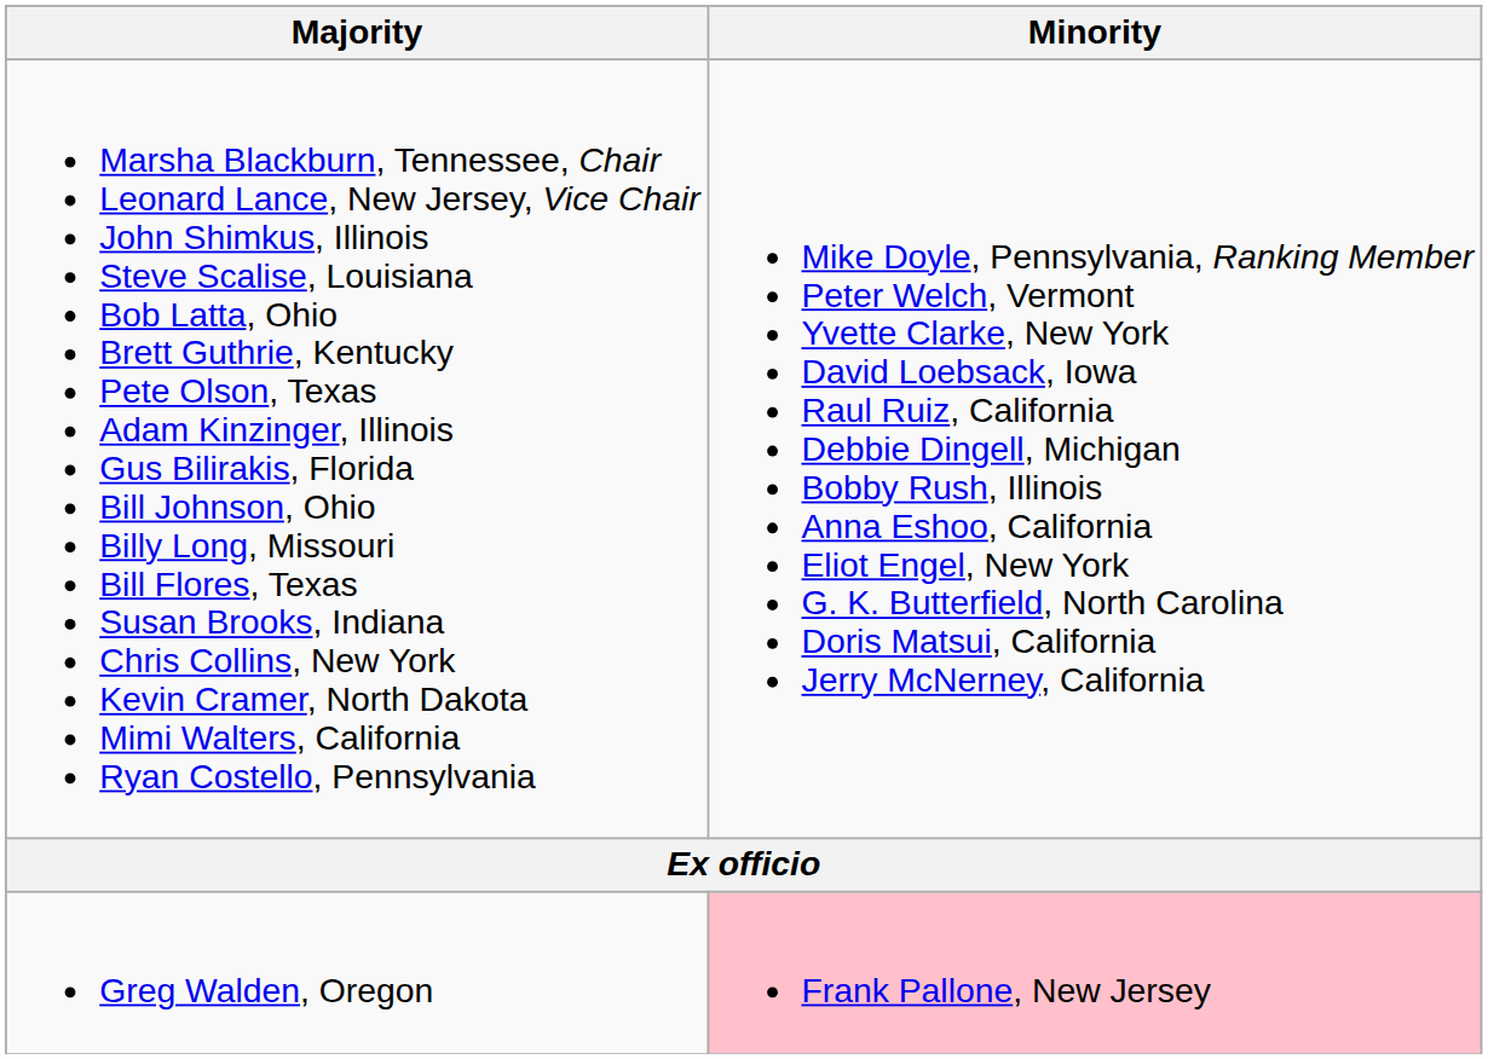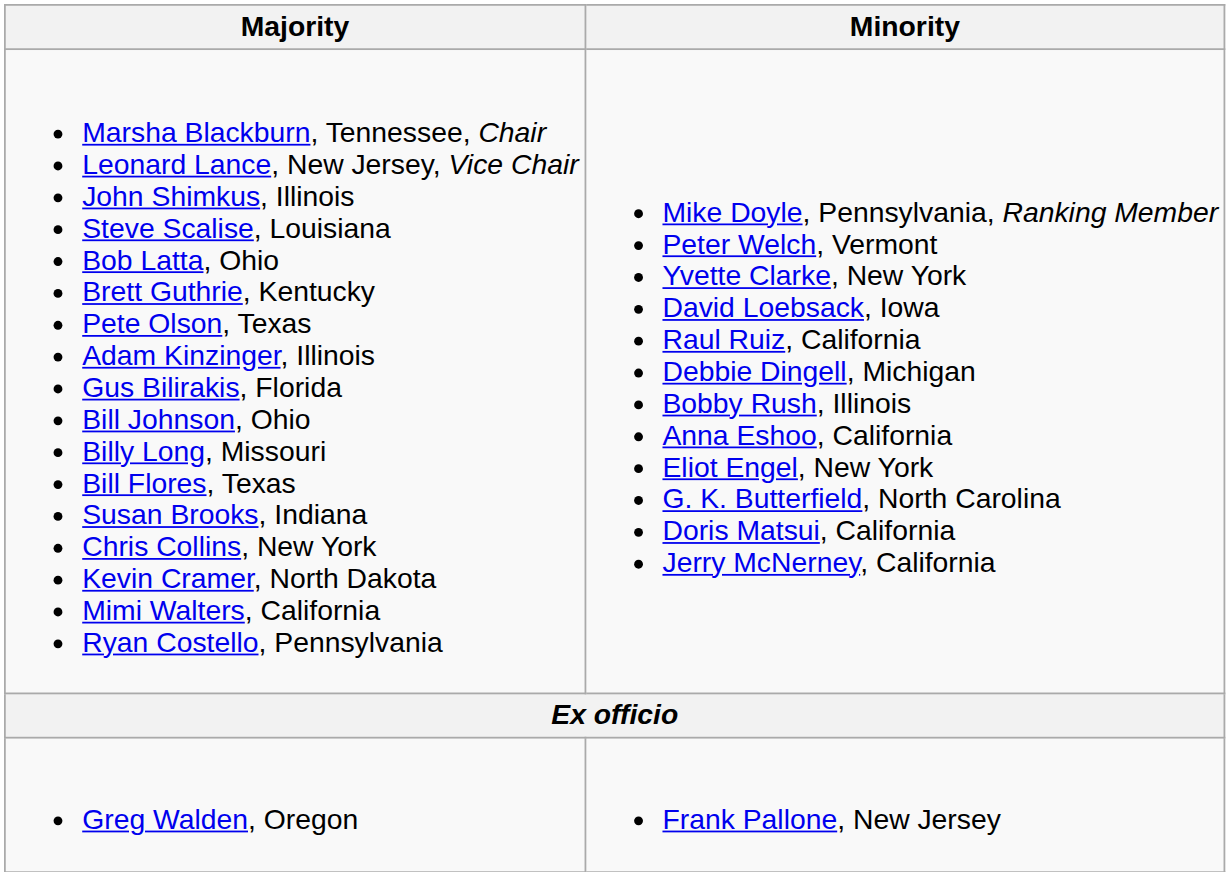 <table class=wikitable>
 <tr>
 <th>Majority</th>
 <th>Minority</th>
 </tr>
 <tr>
 <td><br><ul><li><a href='#'>Marsha Blackburn</a>, Tennessee, <em>Chair</em></li><li><a href='#'>Leonard Lance</a>, New Jersey, <em>Vice Chair</em></li><li><a href='#'>John Shimkus</a>, Illinois</li><li><a href='#'>Steve Scalise</a>, Louisiana</li><li><a href='#'>Bob Latta</a>, Ohio</li><li><a href='#'>Brett Guthrie</a>, Kentucky</li><li><a href='#'>Pete Olson</a>, Texas</li><li><a href='#'>Adam Kinzinger</a>, Illinois</li><li><a href='#'>Gus Bilirakis</a>, Florida</li><li><a href='#'>Bill Johnson</a>, Ohio</li><li><a href='#'>Billy Long</a>, Missouri</li><li><a href='#'>Bill Flores</a>, Texas</li><li><a href='#'>Susan Brooks</a>, Indiana</li><li><a href='#'>Chris Collins</a>, New York</li><li><a href='#'>Kevin Cramer</a>, North Dakota</li><li><a href='#'>Mimi Walters</a>, California</li><li><a href='#'>Ryan Costello</a>, Pennsylvania</li></ul></td>
 <td><br><ul><li><a href='#'>Mike Doyle</a>, Pennsylvania, <em>Ranking Member</em></li><li><a href='#'>Peter Welch</a>, Vermont</li><li><a href='#'>Yvette Clarke</a>, New York</li><li><a href='#'>David Loebsack</a>, Iowa</li><li><a href='#'>Raul Ruiz</a>, California</li><li><a href='#'>Debbie Dingell</a>, Michigan</li><li><a href='#'>Bobby Rush</a>, Illinois</li><li><a href='#'>Anna Eshoo</a>, California</li><li><a href='#'>Eliot Engel</a>, New York</li><li><a href='#'>G. K. Butterfield</a>, North Carolina</li><li><a href='#'>Doris Matsui</a>, California</li><li><a href='#'>Jerry McNerney</a>, California</li></ul></td>
 </tr>
 <tr>
 <th colspan=2><em>Ex officio</em></th>
 </tr>
 <tr>
 <td><br><ul><li><a href='#'>Greg Walden</a>, Oregon</li></ul></td>
-<td style="background: pink;"><br><ul><li><a href='#'>Frank Pallone</a>, New Jersey</li></ul></td>
+<td><br><ul><li><a href='#'>Frank Pallone</a>, New Jersey</li></ul></td>
 </tr>
 </table>
